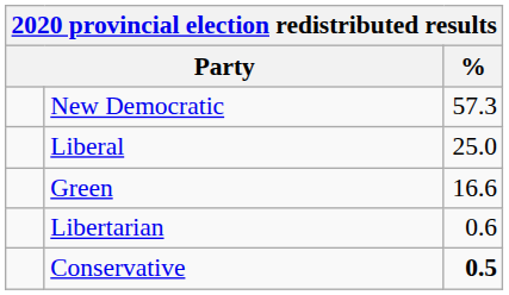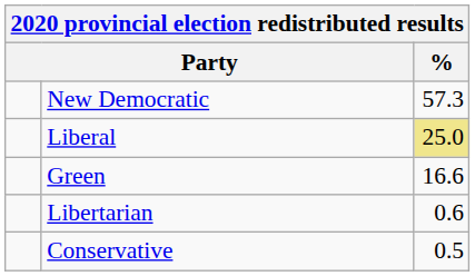 <table class="wikitable">
 <tr>
 <th colspan="4"><a href='#'>2020 provincial election</a> redistributed results</th>
 </tr>
 <tr>
 <th bgcolor="#DDDDFF" width="130px" colspan="2">Party</th>
 <th bgcolor="#DDDDFF" width="30px">%</th>
 </tr>
 <tr>
 <td> </td>
 <td><a href='#'>New Democratic</a></td>
 <td align=right>57.3</td>
 </tr>
 <tr>
 <td> </td>
 <td><a href='#'>Liberal</a></td>
-<td align=right>25.0</td>
+<td align=right style="background: khaki;">25.0</td>
 </tr>
 <tr>
 <td> </td>
 <td><a href='#'>Green</a></td>
 <td align=right>16.6</td>
 </tr>
 <tr>
 <td> </td>
 <td><a href='#'>Libertarian</a></td>
 <td align=right>0.6</td>
 </tr>
 <tr>
 <td> </td>
 <td><a href='#'>Conservative</a></td>
-<td align=right><strong>0.5</strong></td>
+<td align=right>0.5</td>
 </tr>
 </table>
